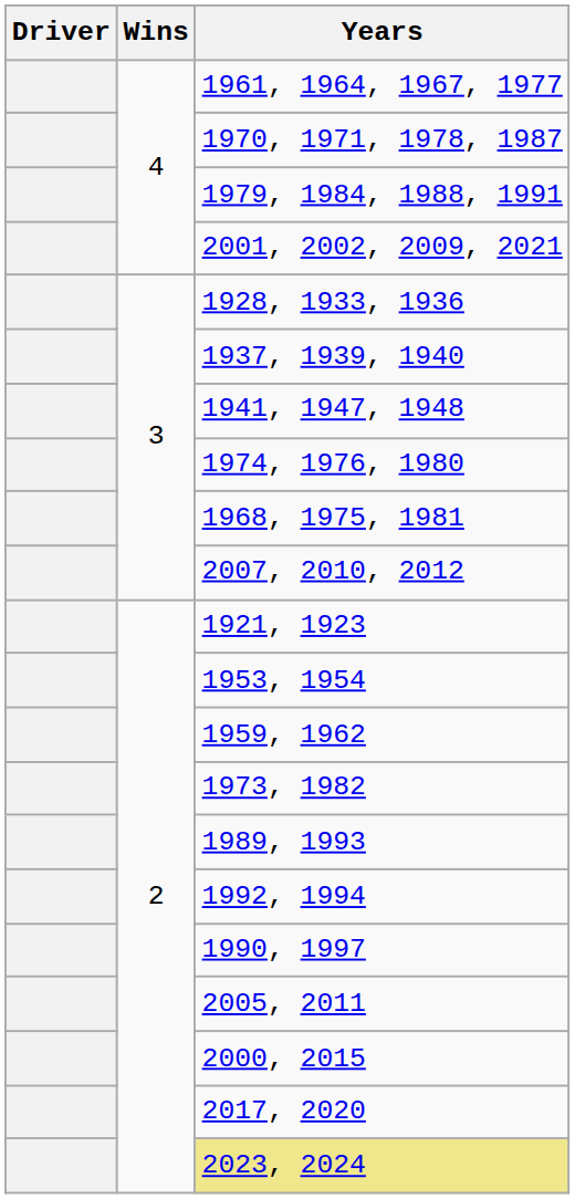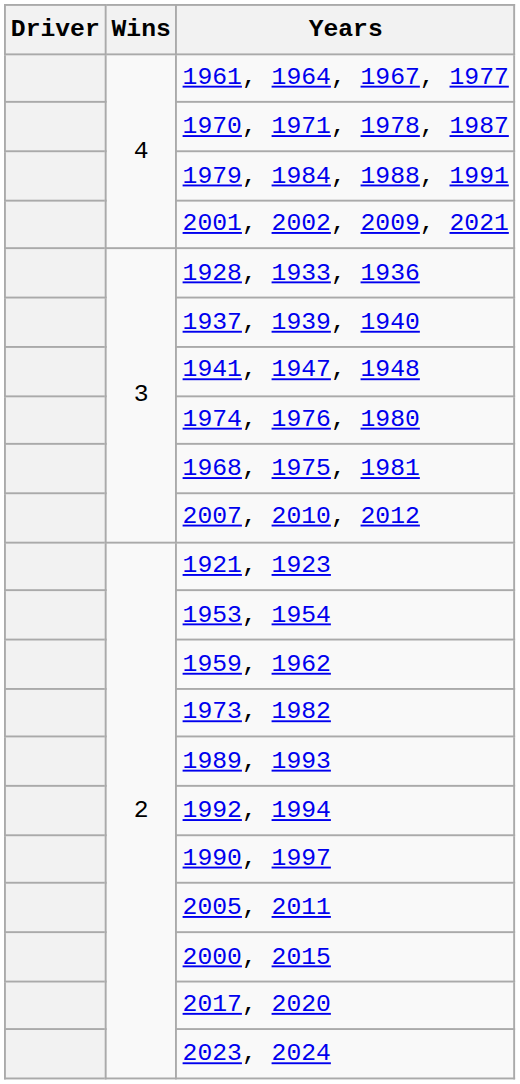 <table class="wikitable sortable plainrowheaders" style="font-size:1.00em; line-height:1.5em;">
 <tr>
 <th scope="col">Driver</th>
 <th scope="col">Wins</th>
 <th scope="col">Years</th>
 </tr>
 <tr>
 <th scope="row"></th>
 <td align="center" rowspan="4">4</td>
 <td><a href='#'>1961</a>, <a href='#'>1964</a>, <a href='#'>1967</a>, <a href='#'>1977</a></td>
 </tr>
 <tr>
 <th scope="row"></th>
 <td><a href='#'>1970</a>, <a href='#'>1971</a>, <a href='#'>1978</a>, <a href='#'>1987</a></td>
 </tr>
 <tr>
 <th scope="row"></th>
 <td><a href='#'>1979</a>, <a href='#'>1984</a>, <a href='#'>1988</a>, <a href='#'>1991</a></td>
 </tr>
 <tr>
 <th scope="row"></th>
 <td><a href='#'>2001</a>, <a href='#'>2002</a>, <a href='#'>2009</a>, <a href='#'>2021</a></td>
 </tr>
 <tr>
 <th scope="row"></th>
 <td align="center" rowspan="6">3</td>
 <td><a href='#'>1928</a>, <a href='#'>1933</a>, <a href='#'>1936</a></td>
 </tr>
 <tr>
 <th scope="row"></th>
 <td><a href='#'>1937</a>, <a href='#'>1939</a>, <a href='#'>1940</a></td>
 </tr>
 <tr>
 <th scope="row"></th>
 <td><a href='#'>1941</a>, <a href='#'>1947</a>, <a href='#'>1948</a></td>
 </tr>
 <tr>
 <th scope="row"></th>
 <td><a href='#'>1974</a>, <a href='#'>1976</a>, <a href='#'>1980</a></td>
 </tr>
 <tr>
 <th scope="row"></th>
 <td><a href='#'>1968</a>, <a href='#'>1975</a>, <a href='#'>1981</a></td>
 </tr>
 <tr>
 <th scope="row"></th>
 <td><a href='#'>2007</a>, <a href='#'>2010</a>, <a href='#'>2012</a></td>
 </tr>
 <tr>
 <th scope="row"></th>
 <td align="center" rowspan="11">2</td>
 <td><a href='#'>1921</a>, <a href='#'>1923</a></td>
 </tr>
 <tr>
 <th scope="row"></th>
 <td><a href='#'>1953</a>, <a href='#'>1954</a></td>
 </tr>
 <tr>
 <th scope="row"></th>
 <td><a href='#'>1959</a>, <a href='#'>1962</a></td>
 </tr>
 <tr>
 <th scope="row"></th>
 <td><a href='#'>1973</a>, <a href='#'>1982</a></td>
 </tr>
 <tr>
 <th scope="row"></th>
 <td><a href='#'>1989</a>, <a href='#'>1993</a></td>
 </tr>
 <tr>
 <th scope="row"></th>
 <td><a href='#'>1992</a>, <a href='#'>1994</a></td>
 </tr>
 <tr>
 <th scope="row"></th>
 <td><a href='#'>1990</a>, <a href='#'>1997</a></td>
 </tr>
 <tr>
 <th scope="row"></th>
 <td><a href='#'>2005</a>, <a href='#'>2011</a></td>
 </tr>
 <tr>
 <th scope="row"></th>
 <td><a href='#'>2000</a>, <a href='#'>2015</a></td>
 </tr>
 <tr>
 <th scope="row"></th>
 <td><a href='#'>2017</a>, <a href='#'>2020</a></td>
 </tr>
 <tr>
 <th scope="row"></th>
-<td style="background: khaki;"><a href='#'>2023</a>, <a href='#'>2024</a></td>
+<td><a href='#'>2023</a>, <a href='#'>2024</a></td>
 </tr>
 </table>
